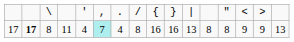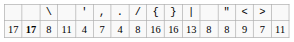 <table class="wikitable" style="text-align: center;">
 <tr style="font-family: Courier, monospace; font-size: 12pt;">
 <td style="width: 20px;"></td>
 <td style="width: 20px;"></td>
 <td style="width: 20px;">\</td>
 <td style="width: 20px;"></td>
 <td style="width: 20px;">'</td>
 <td style="width: 20px;">,</td>
 <td style="width: 20px;">.</td>
 <td style="width: 20px;">/</td>
 <td style="width: 20px;">{</td>
 <td style="width: 20px;">}</td>
 <td style="width: 20px;">|</td>
 <td style="width: 20px;"></td>
 <td style="width: 20px;">"</td>
 <td style="width: 20px;"><</td>
 <td style="width: 20px;">></td>
 <td style="width: 20px;"></td>
 </tr>
 <tr>
 <td>17</td>
 <td><strong>17</strong></td>
 <td>8</td>
 <td>11</td>
 <td>4</td>
-<td style="background: paleturquoise;">7</td>
+<td>7</td>
 <td>4</td>
 <td>8</td>
 <td>16</td>
 <td>16</td>
 <td>13</td>
 <td>8</td>
 <td>8</td>
 <td>9</td>
-<td>9</td>
-<td>13</td>
+<td>7</td>
+<td>11</td>
 </tr>
 </table>
